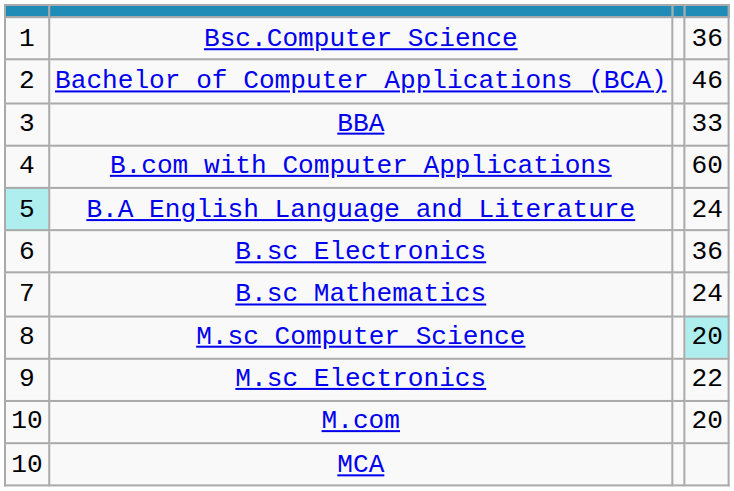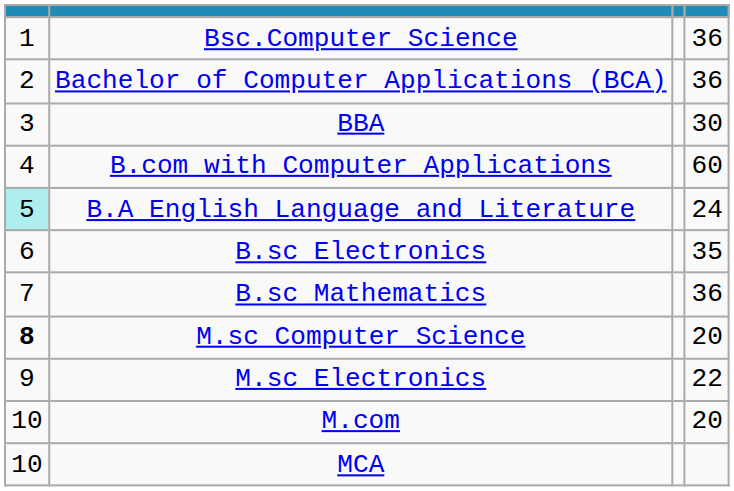 <table class="wikitable sortable sorable" style="text-align:center" style="font-size: 80%;">
 <tr>
 <th style='background: #1f8cb8;'></th>
 <th style='background: #1f8cb8;'></th>
 <th style='background: #1f8cb8;'></th>
 <th style='background: #1f8cb8;'></th>
 </tr>
 <tr>
 <td>1</td>
 <td><a href='#'>Bsc.Computer Science</a></td>
 <td></td>
 <td>36</td>
 </tr>
 <tr>
 <td>2</td>
 <td><a href='#'>Bachelor of Computer Applications (BCA)</a></td>
 <td></td>
-<td>46</td>
+<td>36</td>
 </tr>
 <tr>
 <td>3</td>
 <td><a href='#'>BBA</a></td>
 <td></td>
-<td>33</td>
+<td>30</td>
 </tr>
 <tr>
 <td>4</td>
 <td><a href='#'>B.com with Computer Applications</a></td>
 <td></td>
 <td>60</td>
 </tr>
 <tr>
 <td style="background: paleturquoise;">5</td>
 <td><a href='#'>B.A English Language and Literature</a></td>
 <td></td>
 <td>24</td>
 </tr>
 <tr>
 <td>6</td>
 <td><a href='#'>B.sc Electronics</a></td>
 <td></td>
-<td>36</td>
+<td>35</td>
 </tr>
 <tr>
 <td>7</td>
 <td><a href='#'>B.sc Mathematics</a></td>
 <td></td>
-<td>24</td>
+<td>36</td>
 </tr>
 <tr>
-<td>8</td>
+<td><strong>8</strong></td>
 <td><a href='#'>M.sc Computer Science</a></td>
 <td></td>
-<td style="background: paleturquoise;">20</td>
+<td>20</td>
 </tr>
 <tr>
 <td>9</td>
 <td><a href='#'>M.sc Electronics</a></td>
 <td></td>
 <td>22</td>
 </tr>
 <tr>
 <td>10</td>
 <td><a href='#'>M.com</a></td>
 <td></td>
 <td>20</td>
 </tr>
 <tr>
 <td>10</td>
 <td><a href='#'>MCA</a></td>
 <td></td>
 <td></td>
 </tr>
 </table>
